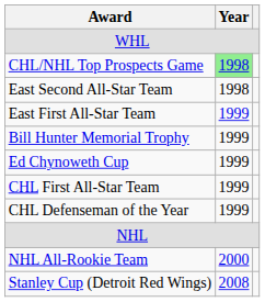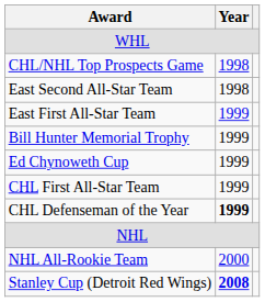 <table class="wikitable">
 <tr>
 <th>Award</th>
 <th>Year</th>
 <th></th>
 </tr>
 <tr ALIGN="center" bgcolor="#e0e0e0">
 <td colspan="3"><a href='#'>WHL</a></td>
 </tr>
 <tr>
 <td><a href='#'>CHL/NHL Top Prospects Game</a></td>
-<td style="background: lightgreen;"><a href='#'>1998</a></td>
+<td><a href='#'>1998</a></td>
 <td></td>
 </tr>
 <tr>
 <td>East Second All-Star Team</td>
 <td>1998</td>
 <td></td>
 </tr>
 <tr>
 <td>East First All-Star Team</td>
 <td><a href='#'>1999</a></td>
 <td></td>
 </tr>
 <tr>
 <td><a href='#'>Bill Hunter Memorial Trophy</a></td>
 <td>1999</td>
 <td></td>
 </tr>
 <tr>
 <td><a href='#'>Ed Chynoweth Cup</a></td>
 <td>1999</td>
 <td></td>
 </tr>
 <tr>
 <td><a href='#'>CHL</a> First All-Star Team</td>
 <td>1999</td>
 <td></td>
 </tr>
 <tr>
 <td>CHL Defenseman of the Year</td>
-<td>1999</td>
+<td><strong>1999</strong></td>
 <td></td>
 </tr>
 <tr ALIGN="center" bgcolor="#e0e0e0">
 <td colspan="3"><a href='#'>NHL</a></td>
 </tr>
 <tr>
 <td><a href='#'>NHL All-Rookie Team</a></td>
 <td><a href='#'>2000</a></td>
 <td></td>
 </tr>
 <tr>
 <td><a href='#'>Stanley Cup</a> (Detroit Red Wings)</td>
-<td><a href='#'>2008</a></td>
+<td><strong><a href='#'>2008</a></strong></td>
 <td></td>
 </tr>
 </table>
